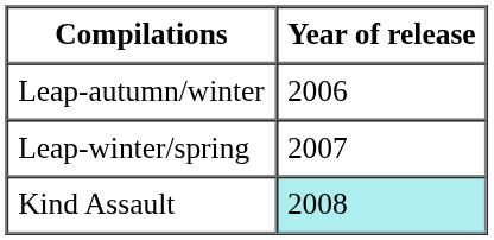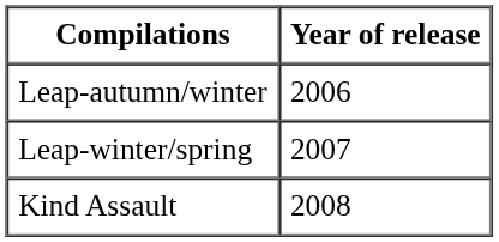 <table border="1" cellpadding="5" cellspacing="0" align="left">
 <tr>
 <th>Compilations</th>
 <th>Year of release</th>
 </tr>
 <tr>
 <td>Leap-autumn/winter</td>
 <td>2006</td>
 </tr>
 <tr>
 <td>Leap-winter/spring</td>
 <td>2007</td>
 </tr>
 <tr>
 <td>Kind Assault</td>
-<td style="background: paleturquoise;">2008</td>
+<td>2008</td>
 </tr>
 </table>
